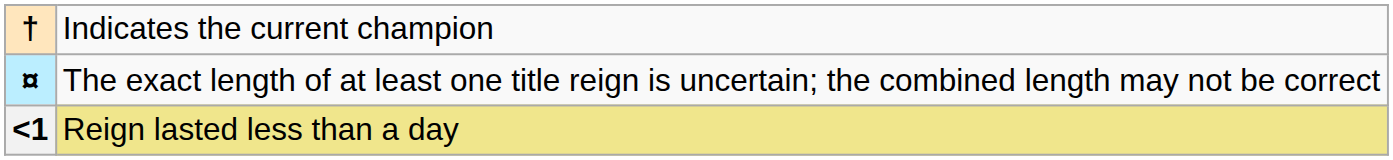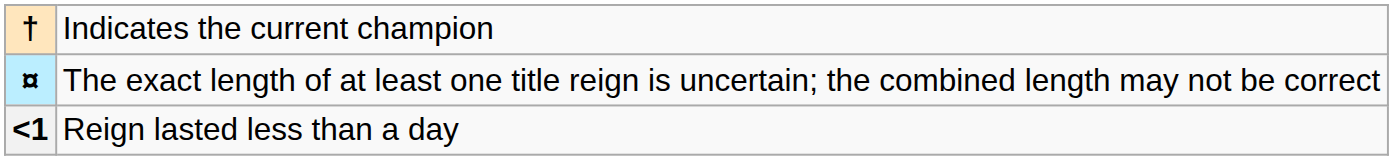 <table class="wikitable">
 <tr>
 <th style="background-color: #ffe6bd">†</th>
 <td>Indicates the current champion</td>
 </tr>
 <tr>
 <th style="background-color:#bbeeff">¤</th>
 <td>The exact length of at least one title reign is uncertain; the combined length may not be correct</td>
 </tr>
 <tr>
 <th><1</th>
-<td style="background: khaki;">Reign lasted less than a day</td>
+<td>Reign lasted less than a day</td>
 </tr>
 </table>
